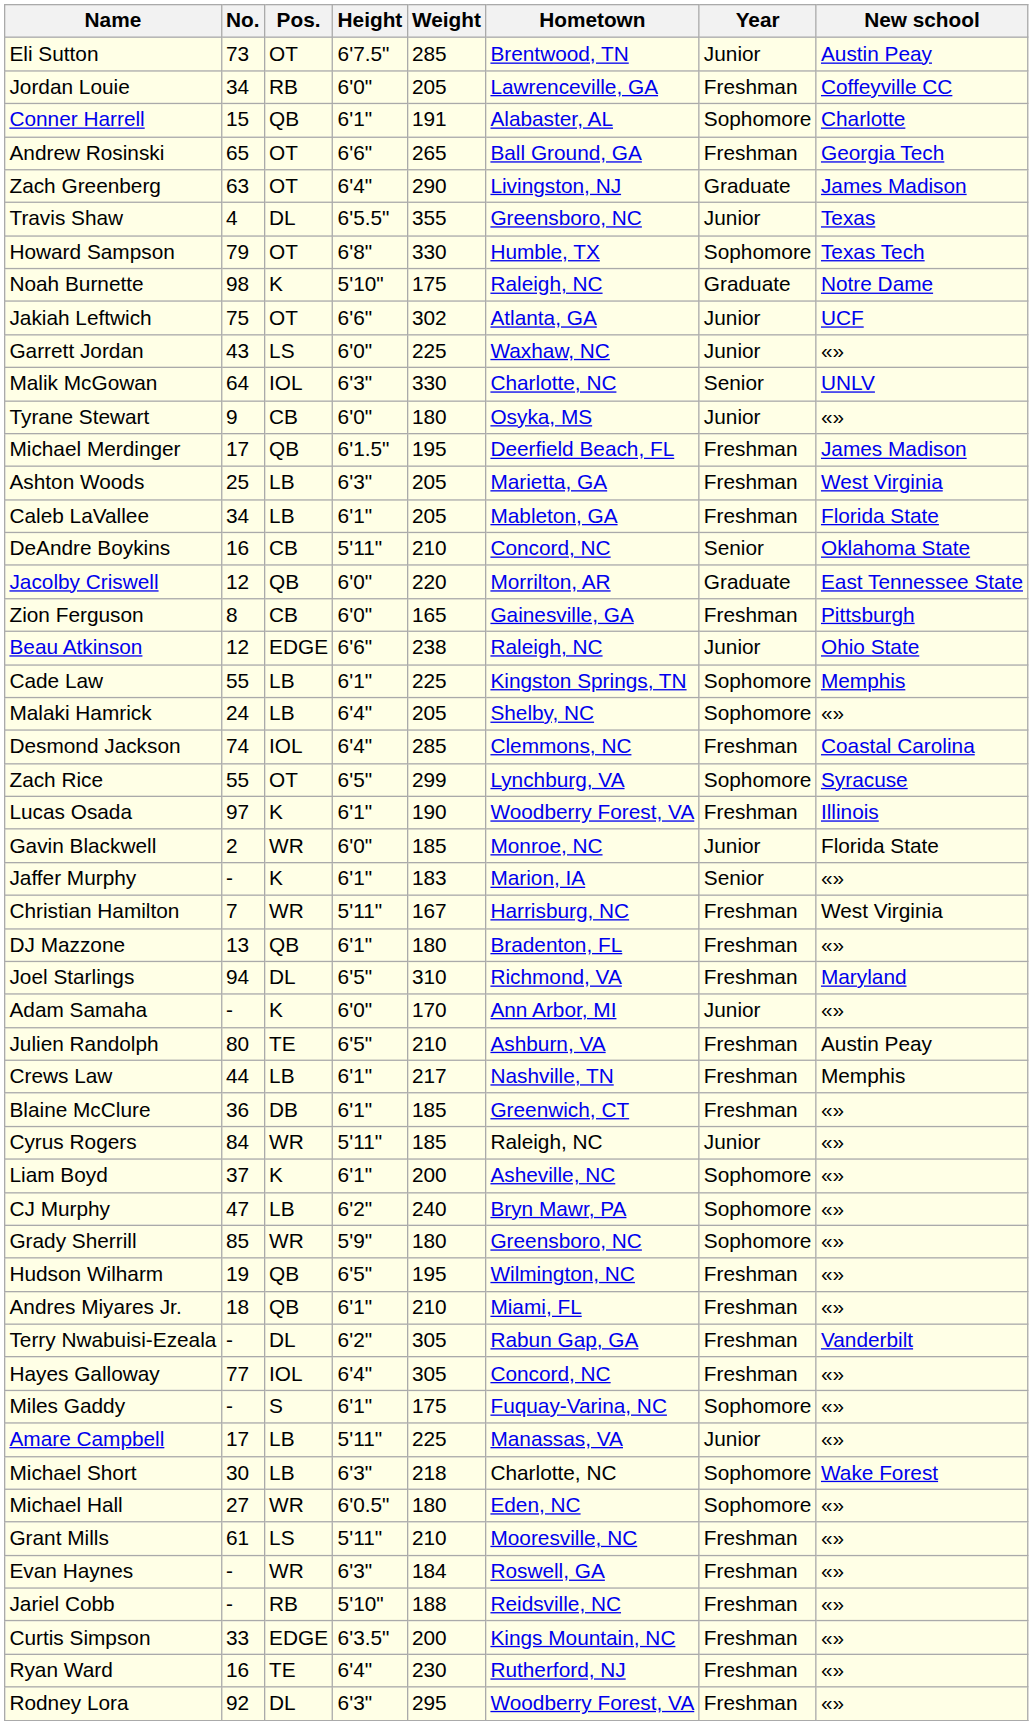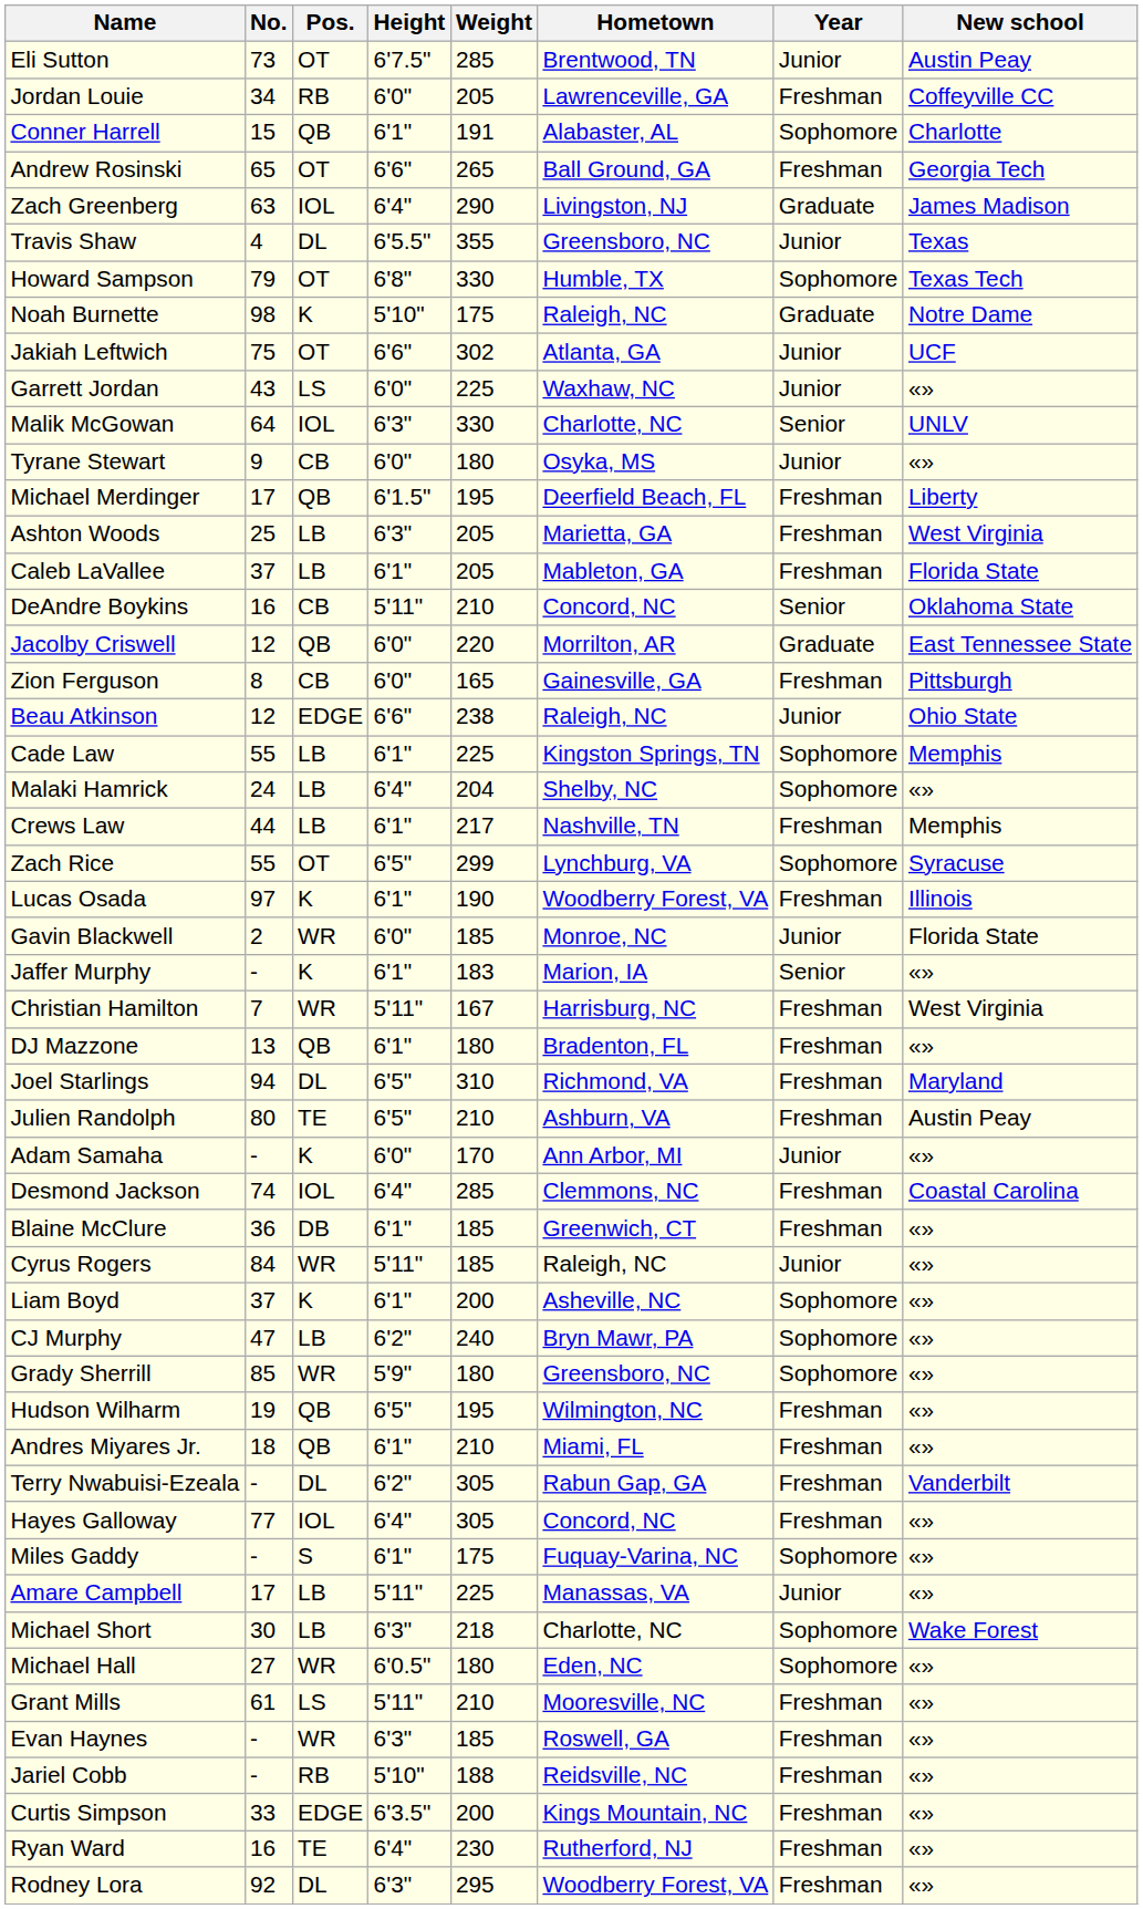 <table class="wikitable sortable">
 <tr>
 <th>Name</th>
 <th>No.</th>
 <th>Pos.</th>
 <th>Height</th>
 <th>Weight</th>
 <th>Hometown</th>
 <th>Year</th>
 <th class="unsortable">New school</th>
 </tr>
 <tr style="background:#FFFFE6;">
 <td>Eli Sutton</td>
 <td>73</td>
 <td>OT</td>
 <td>6'7.5"</td>
 <td>285</td>
 <td><a href='#'>Brentwood, TN</a></td>
 <td> Junior</td>
 <td><a href='#'>Austin Peay</a></td>
 </tr>
 <tr style="background:#FFFFE6;">
 <td>Jordan Louie</td>
 <td>34</td>
 <td>RB</td>
 <td>6'0"</td>
 <td>205</td>
 <td><a href='#'>Lawrenceville, GA</a></td>
 <td> Freshman</td>
 <td><a href='#'>Coffeyville CC</a></td>
 </tr>
 <tr style="background:#FFFFE6;">
 <td><a href='#'>Conner Harrell</a></td>
 <td>15</td>
 <td>QB</td>
 <td>6'1"</td>
 <td>191</td>
 <td><a href='#'>Alabaster, AL</a></td>
 <td> Sophomore</td>
 <td><a href='#'>Charlotte</a></td>
 </tr>
 <tr style="background:#FFFFE6;">
 <td>Andrew Rosinski</td>
 <td>65</td>
 <td>OT</td>
 <td>6'6"</td>
 <td>265</td>
 <td><a href='#'>Ball Ground, GA</a></td>
 <td>Freshman</td>
 <td><a href='#'>Georgia Tech</a></td>
 </tr>
 <tr style="background:#FFFFE6;">
 <td>Zach Greenberg</td>
 <td>63</td>
-<td>OT</td>
+<td>IOL</td>
 <td>6'4"</td>
 <td>290</td>
 <td><a href='#'>Livingston, NJ</a></td>
 <td>Graduate</td>
 <td><a href='#'>James Madison</a></td>
 </tr>
 <tr style="background:#FFFFE6;">
 <td>Travis Shaw</td>
 <td>4</td>
 <td>DL</td>
 <td>6'5.5"</td>
 <td>355</td>
 <td><a href='#'>Greensboro, NC</a></td>
 <td>Junior</td>
 <td><a href='#'>Texas</a></td>
 </tr>
 <tr style="background:#FFFFE6;">
 <td>Howard Sampson</td>
 <td>79</td>
 <td>OT</td>
 <td>6'8"</td>
 <td>330</td>
 <td><a href='#'>Humble, TX</a></td>
 <td> Sophomore</td>
 <td><a href='#'>Texas Tech</a></td>
 </tr>
 <tr style="background:#FFFFE6;">
 <td>Noah Burnette</td>
 <td>98</td>
 <td>K</td>
 <td>5'10"</td>
 <td>175</td>
 <td><a href='#'>Raleigh, NC</a></td>
 <td>Graduate</td>
 <td><a href='#'>Notre Dame</a></td>
 </tr>
 <tr style="background:#FFFFE6;">
 <td>Jakiah Leftwich</td>
 <td>75</td>
 <td>OT</td>
 <td>6'6"</td>
 <td>302</td>
 <td><a href='#'>Atlanta, GA</a></td>
 <td> Junior</td>
 <td><a href='#'>UCF</a></td>
 </tr>
 <tr style="background:#FFFFE6;">
 <td>Garrett Jordan</td>
 <td>43</td>
 <td>LS</td>
 <td>6'0"</td>
 <td>225</td>
 <td><a href='#'>Waxhaw, NC</a></td>
 <td>Junior</td>
 <td>«»</td>
 </tr>
 <tr style="background:#FFFFE6;">
 <td>Malik McGowan</td>
 <td>64</td>
 <td>IOL</td>
 <td>6'3"</td>
 <td>330</td>
 <td><a href='#'>Charlotte, NC</a></td>
 <td>Senior</td>
 <td><a href='#'>UNLV</a></td>
 </tr>
 <tr style="background:#FFFFE6;">
 <td>Tyrane Stewart</td>
 <td>9</td>
 <td>CB</td>
 <td>6'0"</td>
 <td>180</td>
 <td><a href='#'>Osyka, MS</a></td>
 <td>Junior</td>
 <td>«»</td>
 </tr>
 <tr style="background:#FFFFE6;">
 <td>Michael Merdinger</td>
 <td>17</td>
 <td>QB</td>
 <td>6'1.5"</td>
 <td>195</td>
 <td><a href='#'>Deerfield Beach, FL</a></td>
 <td>Freshman</td>
-<td><a href='#'>James Madison</a></td>
+<td><a href='#'>Liberty</a></td>
 </tr>
 <tr style="background:#FFFFE6;">
 <td>Ashton Woods</td>
 <td>25</td>
 <td>LB</td>
 <td>6'3"</td>
 <td>205</td>
 <td><a href='#'>Marietta, GA</a></td>
 <td>Freshman</td>
 <td><a href='#'>West Virginia</a></td>
 </tr>
 <tr style="background:#FFFFE6;">
 <td>Caleb LaVallee</td>
-<td>34</td>
+<td>37</td>
 <td>LB</td>
 <td>6'1"</td>
 <td>205</td>
 <td><a href='#'>Mableton, GA</a></td>
 <td> Freshman</td>
 <td><a href='#'>Florida State</a></td>
 </tr>
 <tr style="background:#FFFFE6;">
 <td>DeAndre Boykins</td>
 <td>16</td>
 <td>CB</td>
 <td>5'11"</td>
 <td>210</td>
 <td><a href='#'>Concord, NC</a></td>
 <td>Senior</td>
 <td><a href='#'>Oklahoma State</a></td>
 </tr>
 <tr style="background:#FFFFE6;">
 <td><a href='#'>Jacolby Criswell</a></td>
 <td>12</td>
 <td>QB</td>
 <td>6'0"</td>
 <td>220</td>
 <td><a href='#'>Morrilton, AR</a></td>
 <td>Graduate</td>
 <td><a href='#'>East Tennessee State</a></td>
 </tr>
 <tr style="background:#FFFFE6;">
 <td>Zion Ferguson</td>
 <td>8</td>
 <td>CB</td>
 <td>6'0"</td>
 <td>165</td>
 <td><a href='#'>Gainesville, GA</a></td>
 <td>Freshman</td>
 <td><a href='#'>Pittsburgh</a></td>
 </tr>
 <tr style="background:#FFFFE6;">
 <td><a href='#'>Beau Atkinson</a></td>
 <td>12</td>
 <td>EDGE</td>
 <td>6'6"</td>
 <td>238</td>
 <td><a href='#'>Raleigh, NC</a></td>
 <td> Junior</td>
 <td><a href='#'>Ohio State</a></td>
 </tr>
 <tr style="background:#FFFFE6;">
 <td>Cade Law</td>
 <td>55</td>
 <td>LB</td>
 <td>6'1"</td>
 <td>225</td>
 <td><a href='#'>Kingston Springs, TN</a></td>
 <td> Sophomore</td>
 <td><a href='#'>Memphis</a></td>
 </tr>
 <tr style="background:#FFFFE6;">
 <td>Malaki Hamrick</td>
 <td>24</td>
 <td>LB</td>
 <td>6'4"</td>
-<td>205</td>
+<td>204</td>
 <td><a href='#'>Shelby, NC</a></td>
 <td> Sophomore</td>
 <td>«»</td>
 </tr>
 <tr style="background:#FFFFE6;">
-<td>Desmond Jackson</td>
-<td>74</td>
-<td>IOL</td>
-<td>6'4"</td>
-<td>285</td>
-<td><a href='#'>Clemmons, NC</a></td>
+<td>Crews Law</td>
+<td>44</td>
+<td>LB</td>
+<td>6'1"</td>
+<td>217</td>
+<td><a href='#'>Nashville, TN</a></td>
 <td>Freshman</td>
-<td><a href='#'>Coastal Carolina</a></td>
+<td>Memphis</td>
 </tr>
 <tr style="background:#FFFFE6;">
 <td>Zach Rice</td>
 <td>55</td>
 <td>OT</td>
 <td>6'5"</td>
 <td>299</td>
 <td><a href='#'>Lynchburg, VA</a></td>
 <td> Sophomore</td>
 <td><a href='#'>Syracuse</a></td>
 </tr>
 <tr style="background:#FFFFE6;">
 <td>Lucas Osada</td>
 <td>97</td>
 <td>K</td>
 <td>6'1"</td>
 <td>190</td>
 <td><a href='#'>Woodberry Forest, VA</a></td>
 <td>Freshman</td>
 <td><a href='#'>Illinois</a></td>
 </tr>
 <tr style="background:#FFFFE6;">
 <td>Gavin Blackwell</td>
 <td>2</td>
 <td>WR</td>
 <td>6'0"</td>
 <td>185</td>
 <td><a href='#'>Monroe, NC</a></td>
 <td> Junior</td>
 <td>Florida State</td>
 </tr>
 <tr style="background:#FFFFE6;">
 <td>Jaffer Murphy</td>
 <td>-</td>
 <td>K</td>
 <td>6'1"</td>
 <td>183</td>
 <td><a href='#'>Marion, IA</a></td>
 <td>Senior</td>
 <td>«»</td>
 </tr>
 <tr style="background:#FFFFE6;">
 <td>Christian Hamilton</td>
 <td>7</td>
 <td>WR</td>
 <td>5'11"</td>
 <td>167</td>
 <td><a href='#'>Harrisburg, NC</a></td>
 <td> Freshman</td>
 <td>West Virginia</td>
 </tr>
 <tr style="background:#FFFFE6;">
 <td>DJ Mazzone</td>
 <td>13</td>
 <td>QB</td>
 <td>6'1"</td>
 <td>180</td>
 <td><a href='#'>Bradenton, FL</a></td>
 <td>Freshman</td>
 <td>«»</td>
 </tr>
 <tr style="background:#FFFFE6;">
 <td>Joel Starlings</td>
 <td>94</td>
 <td>DL</td>
 <td>6'5"</td>
 <td>310</td>
 <td><a href='#'>Richmond, VA</a></td>
 <td> Freshman</td>
 <td><a href='#'>Maryland</a></td>
 </tr>
 <tr style="background:#FFFFE6;">
+<td>Julien Randolph</td>
+<td>80</td>
+<td>TE</td>
+<td>6'5"</td>
+<td>210</td>
+<td><a href='#'>Ashburn, VA</a></td>
+<td> Freshman</td>
+<td>Austin Peay</td>
+</tr>
+<tr style="background:#FFFFE6;">
 <td>Adam Samaha</td>
 <td>-</td>
 <td>K</td>
 <td>6'0"</td>
 <td>170</td>
 <td><a href='#'>Ann Arbor, MI</a></td>
 <td>Junior</td>
 <td>«»</td>
 </tr>
 <tr style="background:#FFFFE6;">
-<td>Julien Randolph</td>
-<td>80</td>
-<td>TE</td>
-<td>6'5"</td>
-<td>210</td>
-<td><a href='#'>Ashburn, VA</a></td>
-<td> Freshman</td>
-<td>Austin Peay</td>
-</tr>
-<tr style="background:#FFFFE6;">
-<td>Crews Law</td>
-<td>44</td>
-<td>LB</td>
-<td>6'1"</td>
-<td>217</td>
-<td><a href='#'>Nashville, TN</a></td>
+<td>Desmond Jackson</td>
+<td>74</td>
+<td>IOL</td>
+<td>6'4"</td>
+<td>285</td>
+<td><a href='#'>Clemmons, NC</a></td>
 <td>Freshman</td>
-<td>Memphis</td>
+<td><a href='#'>Coastal Carolina</a></td>
 </tr>
 <tr style="background:#FFFFE6;">
 <td>Blaine McClure</td>
 <td>36</td>
 <td>DB</td>
 <td>6'1"</td>
 <td>185</td>
 <td><a href='#'>Greenwich, CT</a></td>
 <td>Freshman</td>
 <td>«»</td>
 </tr>
 <tr style="background:#FFFFE6;">
 <td>Cyrus Rogers</td>
 <td>84</td>
 <td>WR</td>
 <td>5'11"</td>
 <td>185</td>
 <td>Raleigh, NC</td>
 <td>Junior</td>
 <td>«»</td>
 </tr>
 <tr style="background:#FFFFE6;">
 <td>Liam Boyd</td>
 <td>37</td>
 <td>K</td>
 <td>6'1"</td>
 <td>200</td>
 <td><a href='#'>Asheville, NC</a></td>
 <td>Sophomore</td>
 <td>«»</td>
 </tr>
 <tr style="background:#FFFFE6;">
 <td>CJ Murphy</td>
 <td>47</td>
 <td>LB</td>
 <td>6'2"</td>
 <td>240</td>
 <td><a href='#'>Bryn Mawr, PA</a></td>
 <td>Sophomore</td>
 <td>«»</td>
 </tr>
 <tr style="background:#FFFFE6;">
 <td>Grady Sherrill</td>
 <td>85</td>
 <td>WR</td>
 <td>5'9"</td>
 <td>180</td>
 <td><a href='#'>Greensboro, NC</a></td>
 <td>Sophomore</td>
 <td>«»</td>
 </tr>
 <tr style="background:#FFFFE6;">
 <td>Hudson Wilharm</td>
 <td>19</td>
 <td>QB</td>
 <td>6'5"</td>
 <td>195</td>
 <td><a href='#'>Wilmington, NC</a></td>
 <td>Freshman</td>
 <td>«»</td>
 </tr>
 <tr style="background:#FFFFE6;">
 <td>Andres Miyares Jr.</td>
 <td>18</td>
 <td>QB</td>
 <td>6'1"</td>
 <td>210</td>
 <td><a href='#'>Miami, FL</a></td>
 <td>Freshman</td>
 <td>«»</td>
 </tr>
 <tr style="background:#FFFFE6;">
 <td>Terry Nwabuisi-Ezeala</td>
 <td>-</td>
 <td>DL</td>
 <td>6'2"</td>
 <td>305</td>
 <td><a href='#'>Rabun Gap, GA</a></td>
 <td>Freshman</td>
 <td><a href='#'>Vanderbilt</a></td>
 </tr>
 <tr style="background:#FFFFE6;">
 <td>Hayes Galloway</td>
 <td>77</td>
 <td>IOL</td>
 <td>6'4"</td>
 <td>305</td>
 <td><a href='#'>Concord, NC</a></td>
 <td>Freshman</td>
 <td>«»</td>
 </tr>
 <tr style="background:#FFFFE6;">
 <td>Miles Gaddy</td>
 <td>-</td>
 <td>S</td>
 <td>6'1"</td>
 <td>175</td>
 <td><a href='#'>Fuquay-Varina, NC</a></td>
 <td>Sophomore</td>
 <td>«»</td>
 </tr>
 <tr style="background:#FFFFE6;">
 <td><a href='#'>Amare Campbell</a></td>
 <td>17</td>
 <td>LB</td>
 <td>5'11"</td>
 <td>225</td>
 <td><a href='#'>Manassas, VA</a></td>
 <td>Junior</td>
 <td>«»</td>
 </tr>
 <tr style="background:#FFFFE6;">
 <td>Michael Short</td>
 <td>30</td>
 <td>LB</td>
 <td>6'3"</td>
 <td>218</td>
 <td>Charlotte, NC</td>
 <td>Sophomore</td>
 <td><a href='#'>Wake Forest</a></td>
 </tr>
 <tr style="background:#FFFFE6;">
 <td>Michael Hall</td>
 <td>27</td>
 <td>WR</td>
 <td>6'0.5"</td>
 <td>180</td>
 <td><a href='#'>Eden, NC</a></td>
 <td>Sophomore</td>
 <td>«»</td>
 </tr>
 <tr style="background:#FFFFE6;">
 <td>Grant Mills</td>
 <td>61</td>
 <td>LS</td>
 <td>5'11"</td>
 <td>210</td>
 <td><a href='#'>Mooresville, NC</a></td>
 <td>Freshman</td>
 <td>«»</td>
 </tr>
 <tr style="background:#FFFFE6;">
 <td>Evan Haynes</td>
 <td>-</td>
 <td>WR</td>
 <td>6'3"</td>
-<td>184</td>
+<td>185</td>
 <td><a href='#'>Roswell, GA</a></td>
 <td>Freshman</td>
 <td>«»</td>
 </tr>
 <tr style="background:#FFFFE6;">
 <td>Jariel Cobb</td>
 <td>-</td>
 <td>RB</td>
 <td>5'10"</td>
 <td>188</td>
 <td><a href='#'>Reidsville, NC</a></td>
 <td>Freshman</td>
 <td>«»</td>
 </tr>
 <tr style="background:#FFFFE6;">
 <td>Curtis Simpson</td>
 <td>33</td>
 <td>EDGE</td>
 <td>6'3.5"</td>
 <td>200</td>
 <td><a href='#'>Kings Mountain, NC</a></td>
 <td>Freshman</td>
 <td>«»</td>
 </tr>
 <tr style="background:#FFFFE6;">
 <td>Ryan Ward</td>
 <td>16</td>
 <td>TE</td>
 <td>6'4"</td>
 <td>230</td>
 <td><a href='#'>Rutherford, NJ</a></td>
 <td>Freshman</td>
 <td>«»</td>
 </tr>
 <tr style="background:#FFFFE6;">
 <td>Rodney Lora</td>
 <td>92</td>
 <td>DL</td>
 <td>6'3"</td>
 <td>295</td>
 <td><a href='#'>Woodberry Forest, VA</a></td>
 <td> Freshman</td>
 <td>«»</td>
 </tr>
 <tr style="background:#FFFFE6;">
 </tr>
 </table>
